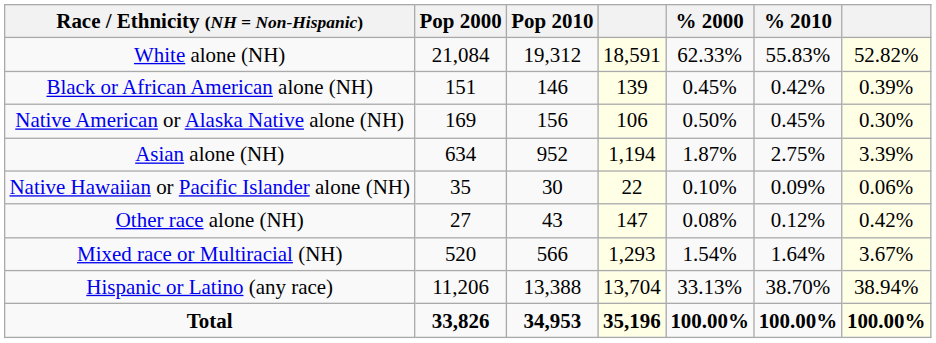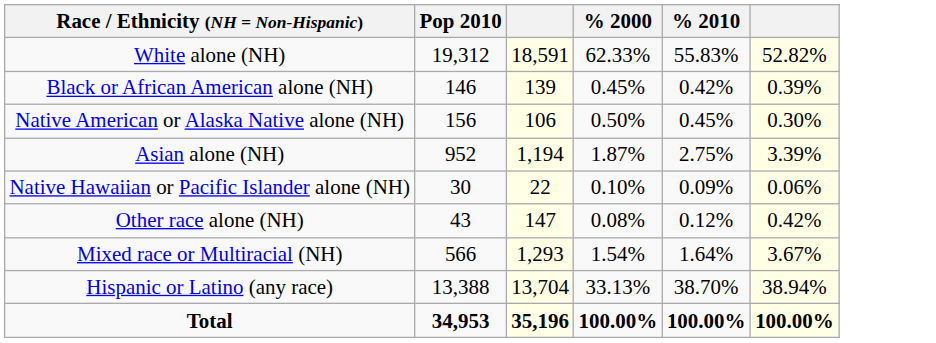 <table class="wikitable" style="text-align:center;">
 <tr>
 <th>Race / Ethnicity <small>(<em>NH = Non-Hispanic</em>)</small></th>
-<th>Pop 2000</th>
 <th>Pop 2010</th>
 <th></th>
 <th>% 2000</th>
 <th>% 2010</th>
 <th></th>
 </tr>
 <tr>
 <td><a href='#'>White</a> alone (NH)</td>
-<td>21,084</td>
 <td>19,312</td>
 <td style='background: #ffffe6;'>18,591</td>
 <td>62.33%</td>
 <td>55.83%</td>
 <td style='background: #ffffe6;'>52.82%</td>
 </tr>
 <tr>
 <td><a href='#'>Black or African American</a> alone (NH)</td>
-<td>151</td>
 <td>146</td>
 <td style='background: #ffffe6;'>139</td>
 <td>0.45%</td>
 <td>0.42%</td>
 <td style='background: #ffffe6;'>0.39%</td>
 </tr>
 <tr>
 <td><a href='#'>Native American</a> or <a href='#'>Alaska Native</a> alone (NH)</td>
-<td>169</td>
 <td>156</td>
 <td style='background: #ffffe6;'>106</td>
 <td>0.50%</td>
 <td>0.45%</td>
 <td style='background: #ffffe6;'>0.30%</td>
 </tr>
 <tr>
 <td><a href='#'>Asian</a> alone (NH)</td>
-<td>634</td>
 <td>952</td>
 <td style='background: #ffffe6;'>1,194</td>
 <td>1.87%</td>
 <td>2.75%</td>
 <td style='background: #ffffe6;'>3.39%</td>
 </tr>
 <tr>
 <td><a href='#'>Native Hawaiian</a> or <a href='#'>Pacific Islander</a> alone (NH)</td>
-<td>35</td>
 <td>30</td>
 <td style='background: #ffffe6;'>22</td>
 <td>0.10%</td>
 <td>0.09%</td>
 <td style='background: #ffffe6;'>0.06%</td>
 </tr>
 <tr>
 <td><a href='#'>Other race</a> alone (NH)</td>
-<td>27</td>
 <td>43</td>
 <td style='background: #ffffe6;'>147</td>
 <td>0.08%</td>
 <td>0.12%</td>
 <td style='background: #ffffe6;'>0.42%</td>
 </tr>
 <tr>
 <td><a href='#'>Mixed race or Multiracial</a> (NH)</td>
-<td>520</td>
 <td>566</td>
 <td style='background: #ffffe6;'>1,293</td>
 <td>1.54%</td>
 <td>1.64%</td>
 <td style='background: #ffffe6;'>3.67%</td>
 </tr>
 <tr>
 <td><a href='#'>Hispanic or Latino</a> (any race)</td>
-<td>11,206</td>
 <td>13,388</td>
 <td style='background: #ffffe6;'>13,704</td>
 <td>33.13%</td>
 <td>38.70%</td>
 <td style='background: #ffffe6;'>38.94%</td>
 </tr>
 <tr>
 <td><strong>Total</strong></td>
-<td><strong>33,826</strong></td>
 <td><strong>34,953</strong></td>
 <td style='background: #ffffe6;'><strong>35,196</strong></td>
 <td><strong>100.00%</strong></td>
 <td><strong>100.00%</strong></td>
 <td style='background: #ffffe6;'><strong>100.00%</strong></td>
 </tr>
 </table>
